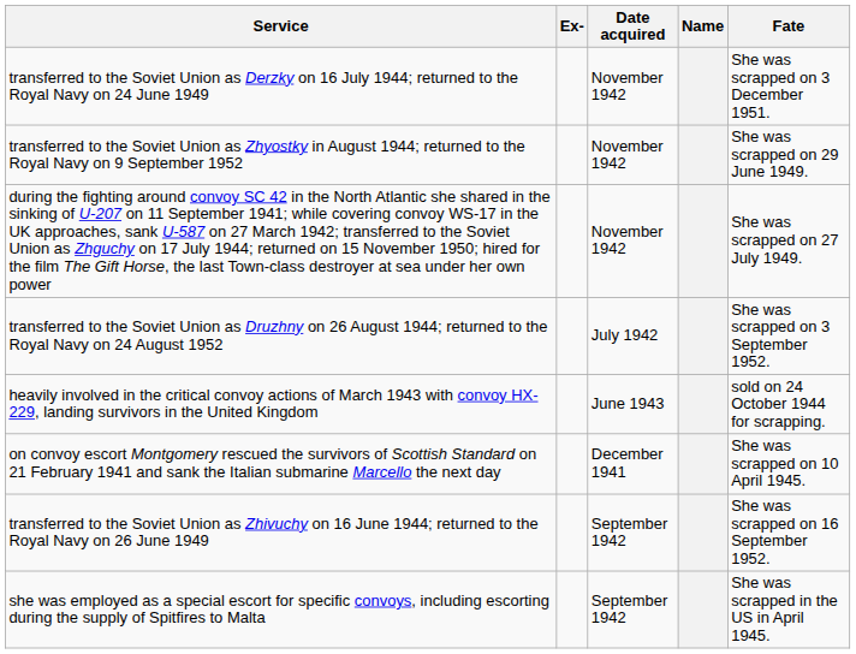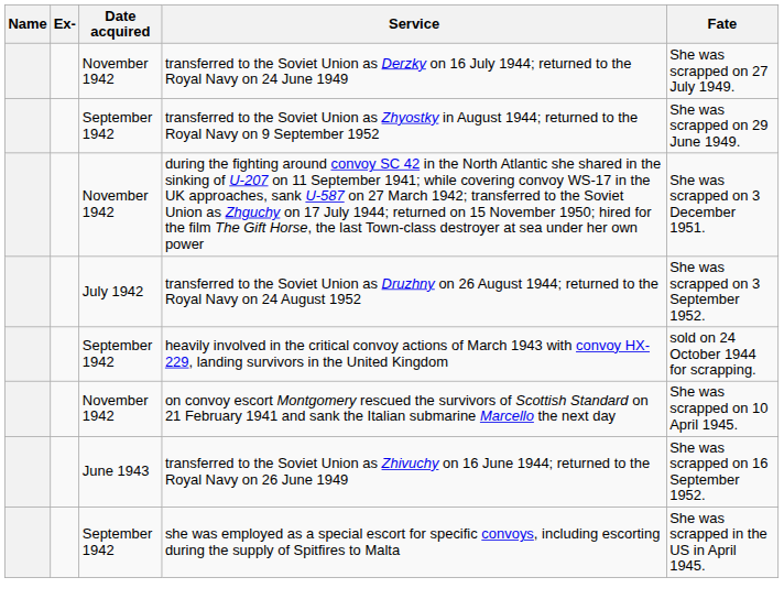 <table class="wikitable sortable plainrowheaders">
 <tr>
-<th scope="col" class="unsortable">Service</th>
+<th scope="col">Name</th>
 <th scope="col">Ex-</th>
 <th scope="col">Date acquired</th>
-<th scope="col">Name</th>
+<th scope="col" class="unsortable">Service</th>
 <th scope="col" class="unsortable">Fate</th>
 </tr>
 <tr>
-<td>transferred to the Soviet Union as <em><a href='#'>Derzky</a></em> on 16 July 1944; returned to the Royal Navy on 24 June 1949</td>
+<th scope="row"></th>
 <td></td>
 <td>November 1942</td>
+<td>transferred to the Soviet Union as <em><a href='#'>Derzky</a></em> on 16 July 1944; returned to the Royal Navy on 24 June 1949</td>
+<td>She was scrapped on 27 July 1949.</td>
+</tr>
+<tr>
 <th scope="row"></th>
+<td></td>
+<td>September 1942</td>
+<td>transferred to the Soviet Union as <em><a href='#'>Zhyostky</a></em> in August 1944; returned to the Royal Navy on 9 September 1952</td>
+<td>She was scrapped on 29 June 1949.</td>
+</tr>
+<tr>
+<th scope="row"></th>
+<td></td>
+<td>November 1942</td>
+<td>during the fighting around <a href='#'>convoy SC 42</a> in the North Atlantic she shared in the sinking of <em><a href='#'>U-207</a></em> on 11 September 1941; while covering convoy WS-17 in the UK approaches, sank <em><a href='#'>U-587</a></em> on 27 March 1942; transferred to the Soviet Union as <em><a href='#'>Zhguchy</a></em> on 17 July 1944; returned on 15 November 1950; hired for the film <em>The Gift Horse</em>, the last Town-class destroyer at sea under her own power</td>
 <td>She was scrapped on 3 December 1951.</td>
 </tr>
 <tr>
-<td>transferred to the Soviet Union as <em><a href='#'>Zhyostky</a></em> in August 1944; returned to the Royal Navy on 9 September 1952</td>
-<td></td>
-<td>November 1942</td>
 <th scope="row"></th>
-<td>She was scrapped on 29 June 1949.</td>
-</tr>
-<tr>
-<td>during the fighting around <a href='#'>convoy SC 42</a> in the North Atlantic she shared in the sinking of <em><a href='#'>U-207</a></em> on 11 September 1941; while covering convoy WS-17 in the UK approaches, sank <em><a href='#'>U-587</a></em> on 27 March 1942; transferred to the Soviet Union as <em><a href='#'>Zhguchy</a></em> on 17 July 1944; returned on 15 November 1950; hired for the film <em>The Gift Horse</em>, the last Town-class destroyer at sea under her own power</td>
-<td></td>
-<td>November 1942</td>
-<th scope="row"></th>
-<td>She was scrapped on 27 July 1949.</td>
-</tr>
-<tr>
-<td>transferred to the Soviet Union as <em><a href='#'>Druzhny</a></em> on 26 August 1944; returned to the Royal Navy on 24 August 1952</td>
 <td></td>
 <td>July 1942</td>
-<th scope="row"></th>
+<td>transferred to the Soviet Union as <em><a href='#'>Druzhny</a></em> on 26 August 1944; returned to the Royal Navy on 24 August 1952</td>
 <td>She was scrapped on 3 September 1952.</td>
 </tr>
 <tr>
+<th scope="row"></th>
+<td></td>
+<td>September 1942</td>
 <td>heavily involved in the critical convoy actions of March 1943 with <a href='#'>convoy HX-229</a>, landing survivors in the United Kingdom</td>
-<td></td>
-<td>June 1943</td>
-<th scope="row"></th>
 <td>sold on 24 October 1944 for scrapping.</td>
 </tr>
 <tr>
+<th scope="row"></th>
+<td></td>
+<td>November 1942</td>
 <td>on convoy escort <em>Montgomery</em> rescued the survivors of <em>Scottish Standard</em> on 21 February 1941 and sank the Italian submarine <em><a href='#'>Marcello</a></em> the next day</td>
-<td></td>
-<td>December 1941</td>
-<th scope="row"></th>
 <td>She was scrapped on 10 April 1945.</td>
 </tr>
 <tr>
+<th scope="row"></th>
+<td></td>
+<td>June 1943</td>
 <td>transferred to the Soviet Union as <em><a href='#'>Zhivuchy</a></em> on 16 June 1944; returned to the Royal Navy on 26 June 1949</td>
-<td></td>
-<td>September 1942</td>
-<th scope="row"></th>
 <td>She was scrapped on 16 September 1952.</td>
 </tr>
 <tr>
-<td>she was employed as a special escort for specific <a href='#'>convoys</a>, including escorting  during the supply of Spitfires to Malta</td>
+<th scope="row"></th>
 <td></td>
 <td>September 1942</td>
-<th scope="row"></th>
+<td>she was employed as a special escort for specific <a href='#'>convoys</a>, including escorting  during the supply of Spitfires to Malta</td>
 <td>She was scrapped in the US in April 1945.</td>
 </tr>
 </table>
